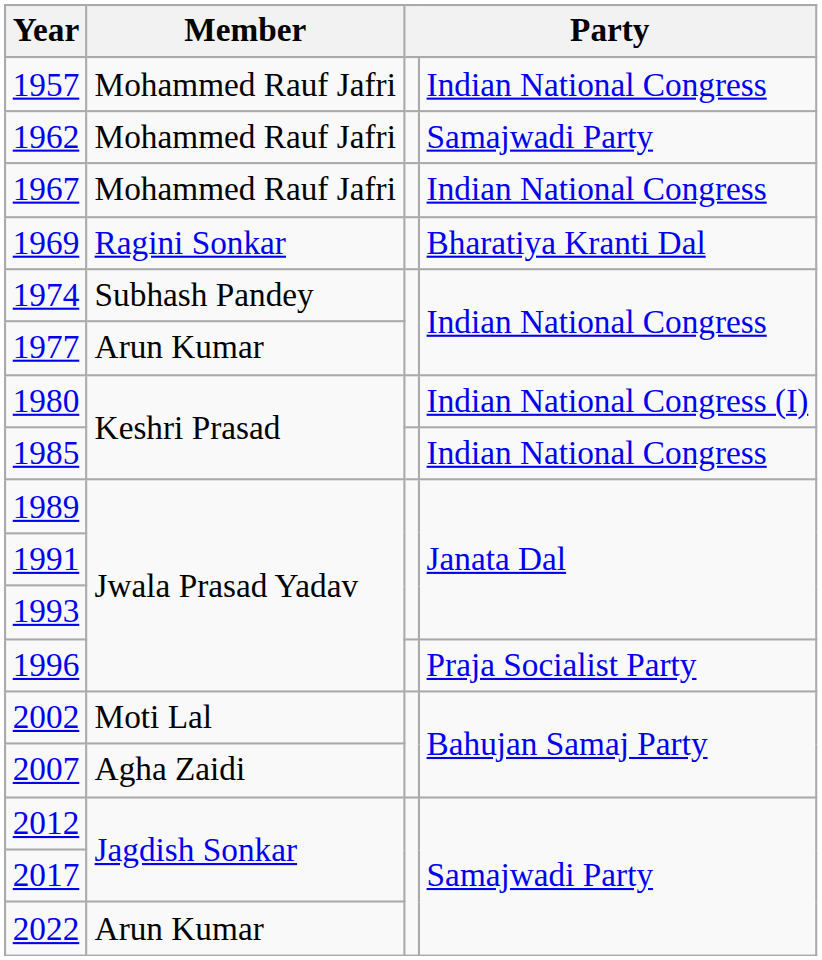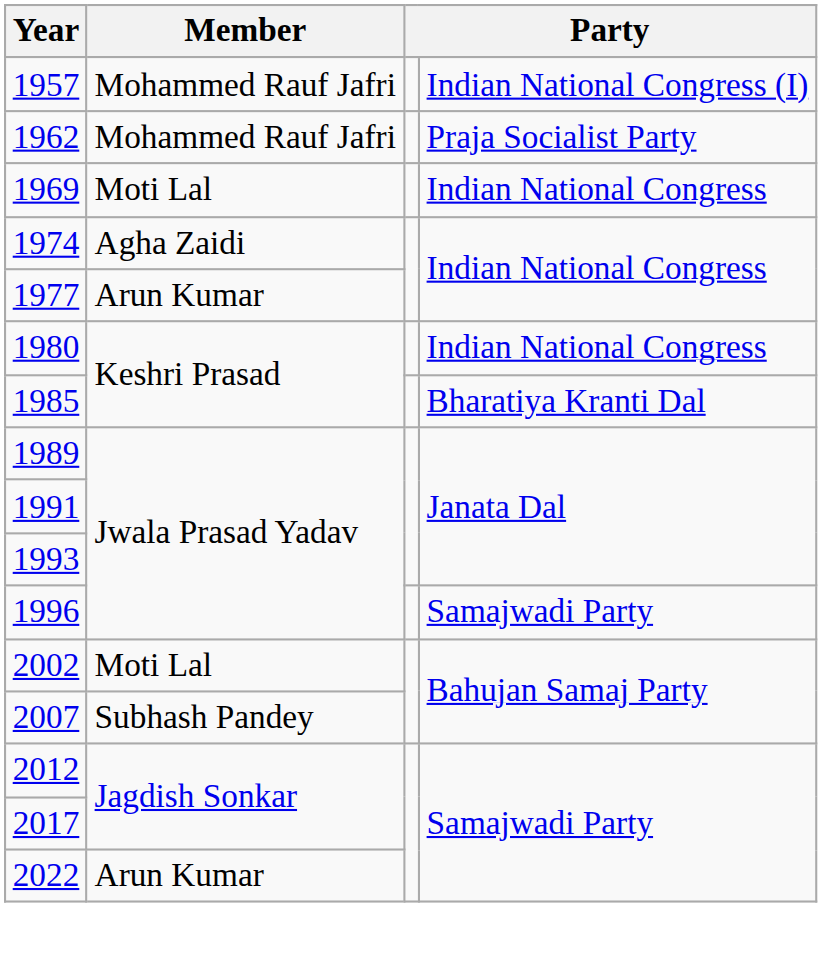 <table class="wikitable">
 <tr>
 <th>Year</th>
 <th>Member</th>
 <th colspan="2">Party</th>
 </tr>
 <tr>
 <td><a href='#'>1957</a></td>
 <td>Mohammed Rauf Jafri</td>
 <td style="background-color: "></td>
-<td><a href='#'>Indian National Congress</a></td>
+<td><a href='#'>Indian National Congress (I)</a></td>
 </tr>
 <tr>
 <td><a href='#'>1962</a></td>
 <td>Mohammed Rauf Jafri</td>
 <td style="background-color: "></td>
-<td><a href='#'>Samajwadi Party</a></td>
+<td><a href='#'>Praja Socialist Party</a></td>
 </tr>
 <tr>
-<td><a href='#'>1967</a></td>
-<td>Mohammed Rauf Jafri</td>
+<td><a href='#'>1969</a></td>
+<td>Moti Lal</td>
 <td style="background-color: "></td>
 <td><a href='#'>Indian National Congress</a></td>
 </tr>
 <tr>
-<td><a href='#'>1969</a></td>
-<td><a href='#'>Ragini Sonkar</a></td>
-<td style="background-color: "></td>
-<td><a href='#'>Bharatiya Kranti Dal</a></td>
-</tr>
-<tr>
 <td><a href='#'>1974</a></td>
-<td>Subhash Pandey</td>
+<td>Agha Zaidi</td>
 <td rowspan="2" style="background-color: "></td>
 <td rowspan="2"><a href='#'>Indian National Congress</a></td>
 </tr>
 <tr>
 <td><a href='#'>1977</a></td>
 <td>Arun Kumar</td>
 </tr>
 <tr>
 <td><a href='#'>1980</a></td>
 <td rowspan="2">Keshri Prasad</td>
 <td style="background-color: "></td>
-<td><a href='#'>Indian National Congress (I)</a></td>
+<td><a href='#'>Indian National Congress</a></td>
 </tr>
 <tr>
 <td><a href='#'>1985</a></td>
 <td style="background-color: "></td>
-<td><a href='#'>Indian National Congress</a></td>
+<td><a href='#'>Bharatiya Kranti Dal</a></td>
 </tr>
 <tr>
 <td><a href='#'>1989</a></td>
 <td rowspan="4">Jwala Prasad Yadav</td>
 <td rowspan="3" style="background-color: "></td>
 <td rowspan="3"><a href='#'>Janata Dal</a></td>
 </tr>
 <tr>
 <td><a href='#'>1991</a></td>
 </tr>
 <tr>
 <td><a href='#'>1993</a></td>
 </tr>
 <tr>
 <td><a href='#'>1996</a></td>
 <td style="background-color: "></td>
-<td><a href='#'>Praja Socialist Party</a></td>
+<td><a href='#'>Samajwadi Party</a></td>
 </tr>
 <tr>
 <td><a href='#'>2002</a></td>
 <td>Moti Lal</td>
 <td rowspan="2" style="background-color: "></td>
 <td rowspan="2"><a href='#'>Bahujan Samaj Party</a></td>
 </tr>
 <tr>
 <td><a href='#'>2007</a></td>
-<td>Agha Zaidi</td>
+<td>Subhash Pandey</td>
 </tr>
 <tr>
 <td><a href='#'>2012</a></td>
 <td rowspan="2"><a href='#'>Jagdish Sonkar</a></td>
 <td rowspan="3" style="background-color: "></td>
 <td rowspan="3"><a href='#'>Samajwadi Party</a></td>
 </tr>
 <tr>
 <td><a href='#'>2017</a></td>
 </tr>
 <tr>
 <td><a href='#'>2022</a></td>
 <td>Arun Kumar</td>
 </tr>
 </table>
